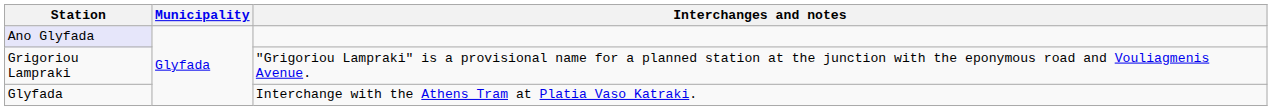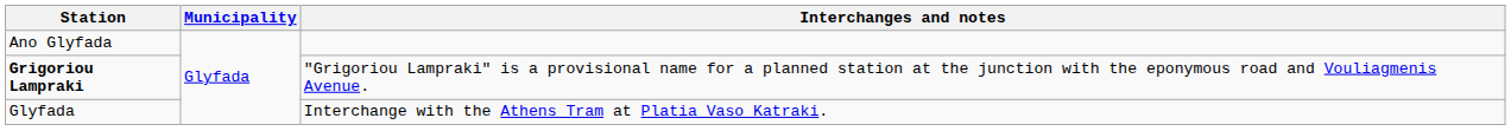 <table class="wikitable sortable">
 <tr>
 <th>Station</th>
 <th><a href='#'>Municipality</a></th>
 <th class="unsortable">Interchanges and notes</th>
 </tr>
 <tr>
-<td style="background: lavender;">Ano Glyfada</td>
+<td>Ano Glyfada</td>
 <td rowspan="3"><a href='#'>Glyfada</a></td>
 <td></td>
 </tr>
 <tr>
-<td>Grigoriou Lampraki</td>
+<td><strong>Grigoriou Lampraki</strong></td>
 <td>"Grigoriou Lampraki" is a provisional name for a planned station at the junction with the eponymous road and <a href='#'>Vouliagmenis Avenue</a>.</td>
 </tr>
 <tr>
 <td>Glyfada</td>
 <td>Interchange with the <a href='#'>Athens Tram</a> at <a href='#'>Platia Vaso Katraki</a>.</td>
 </tr>
 </table>
